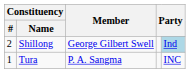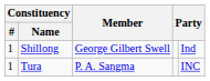 <table class="wikitable sortable">
 <tr>
 <th colspan="2">Constituency</th>
 <th rowspan="2">Member</th>
 <th colspan="2" rowspan="2">Party</th>
 </tr>
 <tr>
 <th>#</th>
 <th>Name</th>
 </tr>
 <tr>
-<td>2</td>
+<td>1</td>
 <td><a href='#'>Shillong</a></td>
 <td><a href='#'>George Gilbert Swell</a></td>
 <td style="background-color: "></td>
-<td style="background: lightblue;"><a href='#'>Ind</a></td>
+<td><a href='#'>Ind</a></td>
 </tr>
 <tr>
 <td>1</td>
 <td><a href='#'>Tura</a></td>
 <td><a href='#'>P. A. Sangma</a></td>
 <td style="background-color: "></td>
 <td><a href='#'>INC</a></td>
 </tr>
 </table>
